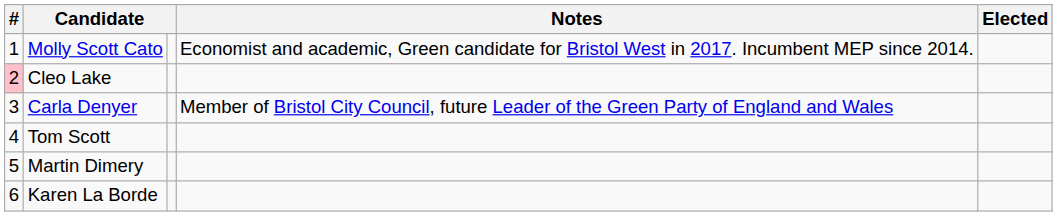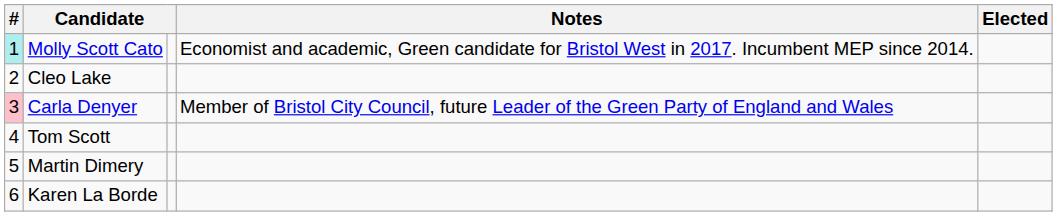 <table class="wikitable">
 <tr>
 <th>#</th>
 <th colspan="2">Candidate</th>
 <th>Notes</th>
 <th>Elected</th>
 </tr>
 <tr>
-<td>1</td>
+<td style="background: paleturquoise;">1</td>
 <td><a href='#'>Molly Scott Cato</a></td>
 <td></td>
 <td>Economist and academic, Green candidate for <a href='#'>Bristol West</a> in <a href='#'>2017</a>. Incumbent MEP since 2014.</td>
 <td></td>
 </tr>
 <tr>
-<td style="background: pink;">2</td>
+<td>2</td>
 <td>Cleo Lake</td>
 <td></td>
 <td></td>
 <td></td>
 </tr>
 <tr>
-<td>3</td>
+<td style="background: pink;">3</td>
 <td><a href='#'>Carla Denyer</a></td>
 <td></td>
 <td>Member of <a href='#'>Bristol City Council</a>, future <a href='#'>Leader of the Green Party of England and Wales</a></td>
 <td></td>
 </tr>
 <tr>
 <td>4</td>
 <td>Tom Scott</td>
 <td></td>
 <td></td>
 <td></td>
 </tr>
 <tr>
 <td>5</td>
 <td>Martin Dimery</td>
 <td></td>
 <td></td>
 <td></td>
 </tr>
 <tr>
 <td>6</td>
 <td>Karen La Borde</td>
 <td></td>
 <td></td>
 <td></td>
 </tr>
 </table>
